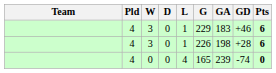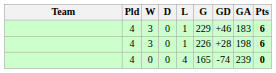 <table class="wikitable" style="text-align:center;">
 <tr>
 <th width=180>Team</th>
 <th width=20>Pld</th>
 <th width=20>W</th>
 <th width=20>D</th>
 <th width=20>L</th>
 <th width=20>G</th>
+<th width=20>GD</th>
 <th width=20>GA</th>
-<th width=20>GD</th>
 <th width=20>Pts</th>
 </tr>
 <tr bgcolor="#ccffcc">
 <td align="left"></td>
 <td>4</td>
 <td>3</td>
 <td>0</td>
 <td>1</td>
 <td>229</td>
+<td>+46</td>
 <td>183</td>
-<td>+46</td>
 <td><strong>6</strong></td>
 </tr>
 <tr bgcolor="#ccffcc">
 <td align="left"></td>
 <td>4</td>
 <td>3</td>
 <td>0</td>
 <td>1</td>
 <td>226</td>
+<td>+28</td>
 <td>198</td>
-<td>+28</td>
 <td><strong>6</strong></td>
 </tr>
 <tr bgcolor="#ccffcc">
 <td align="left"></td>
 <td>4</td>
 <td>0</td>
 <td>0</td>
 <td>4</td>
 <td>165</td>
+<td>-74</td>
 <td>239</td>
-<td>-74</td>
 <td><strong>0</strong></td>
 </tr>
 </table>
